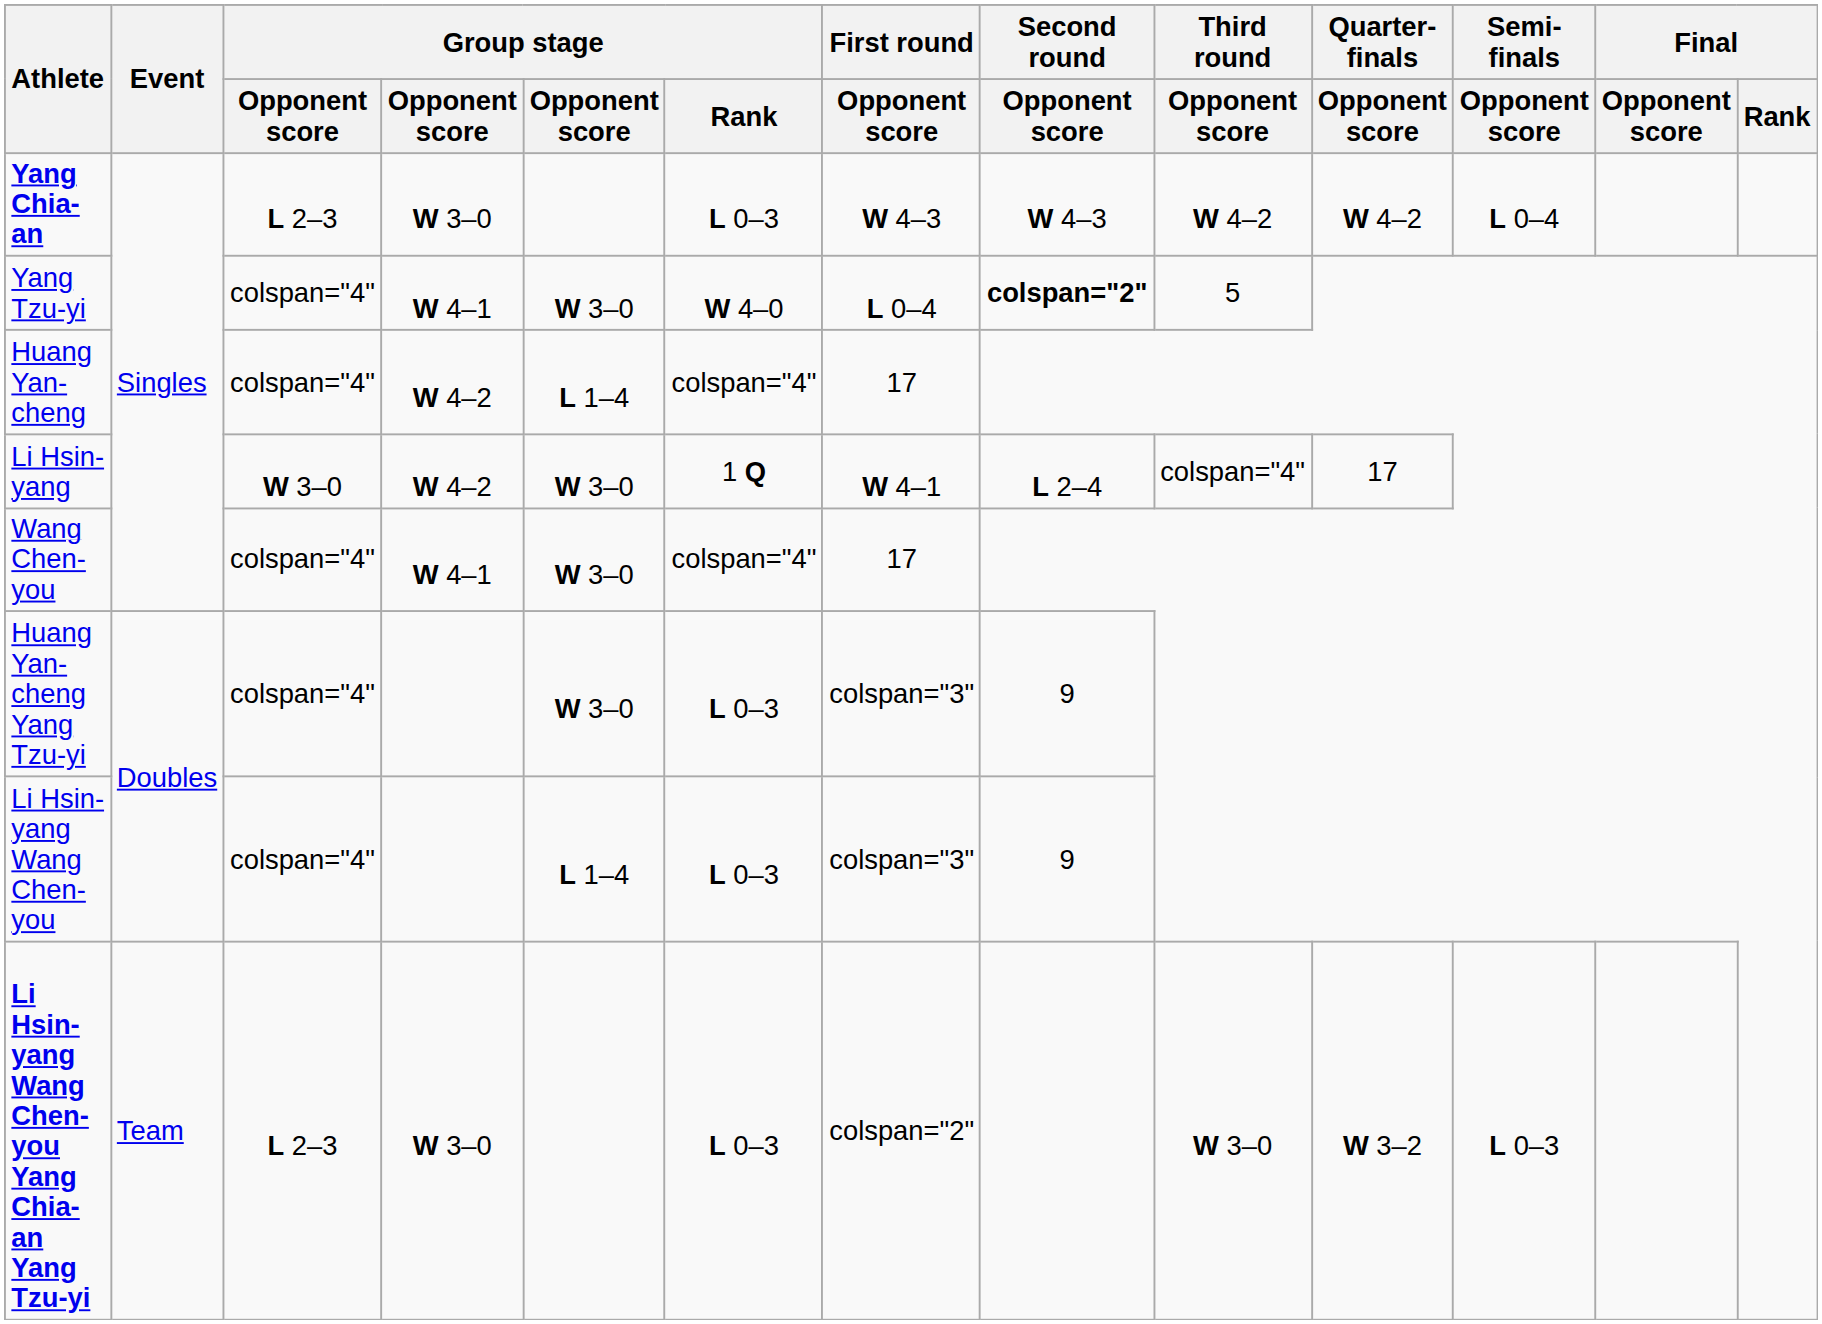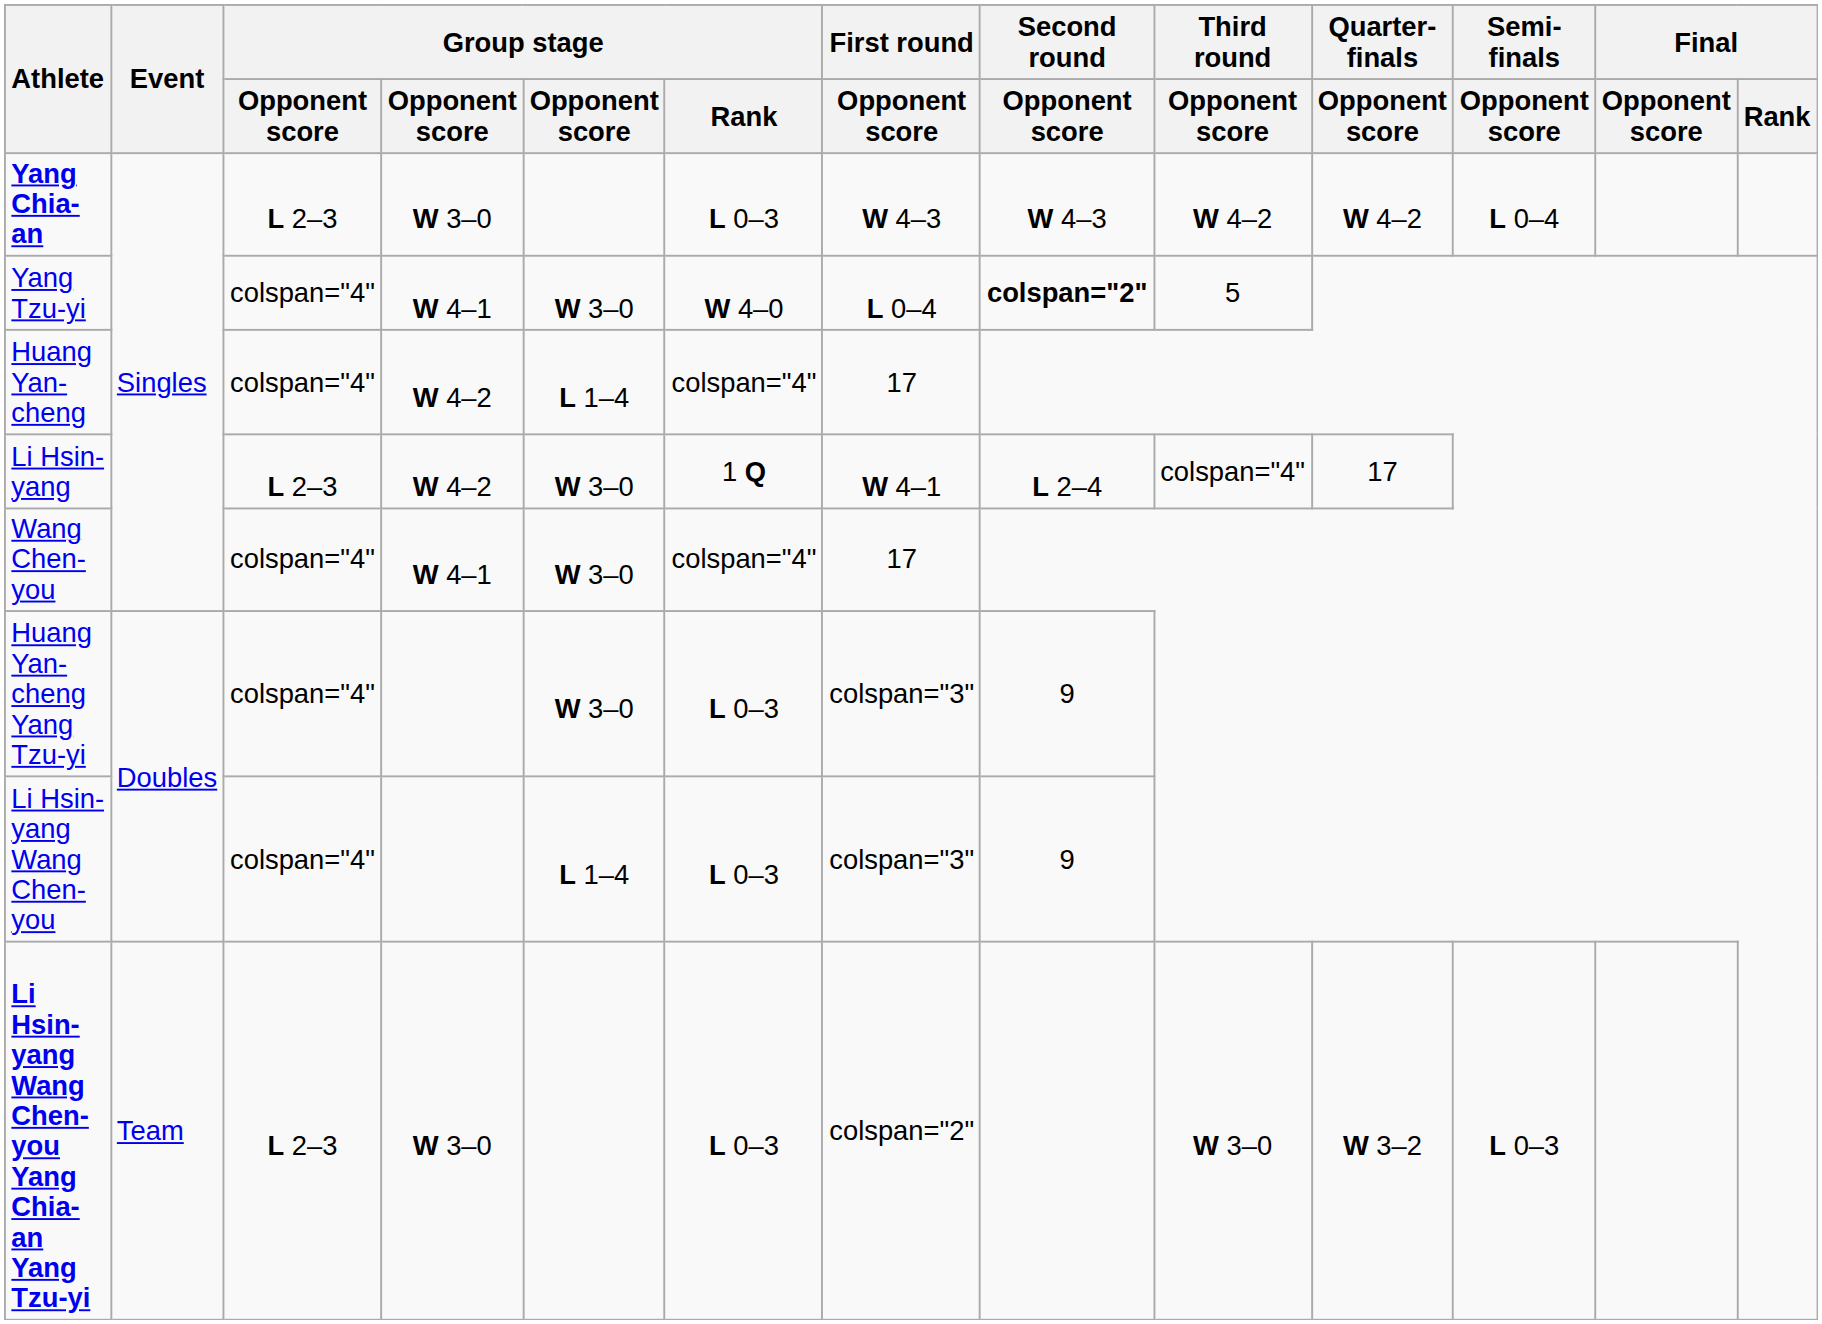 <table class="wikitable" style="font-size:90%; text-align:center">
 <tr>
 <th rowspan="2">Athlete</th>
 <th rowspan="2">Event</th>
 <th colspan="4">Group stage</th>
 <th>First round</th>
 <th>Second round</th>
 <th>Third round</th>
 <th>Quarter-finals</th>
 <th>Semi-finals</th>
 <th colspan="2">Final</th>
 </tr>
 <tr>
 <th>Opponent<br>score</th>
 <th>Opponent<br>score</th>
 <th>Opponent<br>score</th>
 <th>Rank</th>
 <th>Opponent<br>score</th>
 <th>Opponent<br>score</th>
 <th>Opponent<br>score</th>
 <th>Opponent<br>score</th>
 <th>Opponent<br>score</th>
 <th>Opponent<br>score</th>
 <th>Rank</th>
 </tr>
 <tr>
 <td align="left"><strong><a href='#'>Yang Chia-an</a></strong></td>
 <td align="left" rowspan="5"><a href='#'>Singles</a></td>
 <td><br><strong>L</strong> 2–3</td>
 <td><br><strong>W</strong> 3–0</td>
 <td></td>
 <td><br><strong>L</strong> 0–3</td>
 <td><br><strong>W</strong> 4–3</td>
 <td><br><strong>W</strong> 4–3</td>
 <td><br><strong>W</strong> 4–2</td>
 <td><br><strong>W</strong> 4–2</td>
 <td><br><strong>L</strong> 0–4</td>
 <td></td>
 <td></td>
 </tr>
 <tr>
 <td align="left"><a href='#'>Yang Tzu-yi</a></td>
 <td>colspan="4" </td>
 <td><br><strong>W</strong> 4–1</td>
 <td><br><strong>W</strong> 3–0</td>
 <td><br><strong>W</strong> 4–0</td>
 <td><br><strong>L</strong> 0–4</td>
 <td><strong>colspan="2" </strong></td>
 <td>5</td>
 </tr>
 <tr>
 <td align="left"><a href='#'>Huang Yan-cheng</a></td>
 <td>colspan="4" </td>
 <td><br><strong>W</strong> 4–2</td>
 <td><br><strong>L</strong> 1–4</td>
 <td>colspan="4" </td>
 <td>17</td>
 </tr>
 <tr>
 <td align="left"><a href='#'>Li Hsin-yang</a></td>
-<td><br><strong>W</strong> 3–0</td>
+<td><br><strong>L</strong> 2–3</td>
 <td><br><strong>W</strong> 4–2</td>
 <td><br><strong>W</strong> 3–0</td>
 <td>1 <strong>Q</strong></td>
 <td><br><strong>W</strong> 4–1</td>
 <td><br><strong>L</strong> 2–4</td>
 <td>colspan="4" </td>
 <td>17</td>
 </tr>
 <tr>
 <td align="left"><a href='#'>Wang Chen-you</a></td>
 <td>colspan="4" </td>
 <td><br><strong>W</strong> 4–1</td>
 <td><br><strong>W</strong> 3–0</td>
 <td>colspan="4" </td>
 <td>17</td>
 </tr>
 <tr>
 <td align="left"><a href='#'>Huang Yan-cheng</a><br><a href='#'>Yang Tzu-yi</a></td>
 <td align="left" rowspan="2"><a href='#'>Doubles</a></td>
 <td>colspan="4" </td>
 <td></td>
 <td><br><strong>W</strong> 3–0</td>
 <td><br><strong>L</strong> 0–3</td>
 <td>colspan="3" </td>
 <td>9</td>
 </tr>
 <tr>
 <td align="left"><a href='#'>Li Hsin-yang</a><br><a href='#'>Wang Chen-you</a></td>
 <td>colspan="4" </td>
 <td></td>
 <td><br><strong>L</strong> 1–4</td>
 <td><br><strong>L</strong> 0–3</td>
 <td>colspan="3" </td>
 <td>9</td>
 </tr>
 <tr>
 <td align="left"><strong><br><a href='#'>Li Hsin-yang</a><br><a href='#'>Wang Chen-you</a><br><a href='#'>Yang Chia-an</a><br><a href='#'>Yang Tzu-yi</a></strong></td>
 <td align="left"><a href='#'>Team</a></td>
 <td><br><strong>L</strong> 2–3</td>
 <td><br><strong>W</strong> 3–0</td>
 <td></td>
 <td><br><strong>L</strong> 0–3</td>
 <td>colspan="2" </td>
 <td></td>
 <td><br><strong>W</strong> 3–0</td>
 <td><br><strong>W</strong> 3–2</td>
 <td><br><strong>L</strong> 0–3</td>
 <td></td>
 </tr>
 </table>
